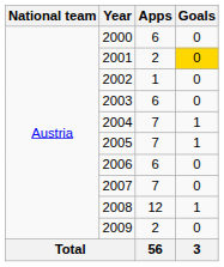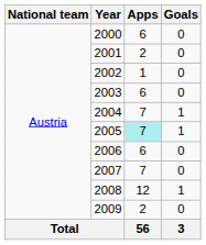 <table class="wikitable" style="text-align:center">
 <tr>
 <th>National team</th>
 <th>Year</th>
 <th>Apps</th>
 <th>Goals</th>
 </tr>
 <tr>
 <td rowspan="10"><a href='#'>Austria</a></td>
 <td>2000</td>
 <td>6</td>
 <td>0</td>
 </tr>
 <tr>
 <td>2001</td>
 <td>2</td>
-<td style="background: gold;">0</td>
+<td>0</td>
 </tr>
 <tr>
 <td>2002</td>
 <td>1</td>
 <td>0</td>
 </tr>
 <tr>
 <td>2003</td>
 <td>6</td>
 <td>0</td>
 </tr>
 <tr>
 <td>2004</td>
 <td>7</td>
 <td>1</td>
 </tr>
 <tr>
 <td>2005</td>
-<td>7</td>
+<td style="background: paleturquoise;">7</td>
 <td>1</td>
 </tr>
 <tr>
 <td>2006</td>
 <td>6</td>
 <td>0</td>
 </tr>
 <tr>
 <td>2007</td>
 <td>7</td>
 <td>0</td>
 </tr>
 <tr>
 <td>2008</td>
 <td>12</td>
 <td>1</td>
 </tr>
 <tr>
 <td>2009</td>
 <td>2</td>
 <td>0</td>
 </tr>
 <tr>
 <th colspan="2">Total</th>
 <th>56</th>
 <th>3</th>
 </tr>
 </table>
